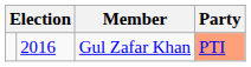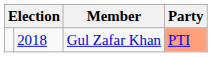 <table class="wikitable">
 <tr>
 <th colspan="2">Election</th>
 <th>Member</th>
 <th>Party</th>
 </tr>
 <tr>
 <td style="background-color: "></td>
-<td><a href='#'>2016</a></td>
+<td><a href='#'>2018</a></td>
 <td><a href='#'>Gul Zafar Khan</a></td>
 <td style="background: lightsalmon;"><a href='#'>PTI</a></td>
 </tr>
 </table>
